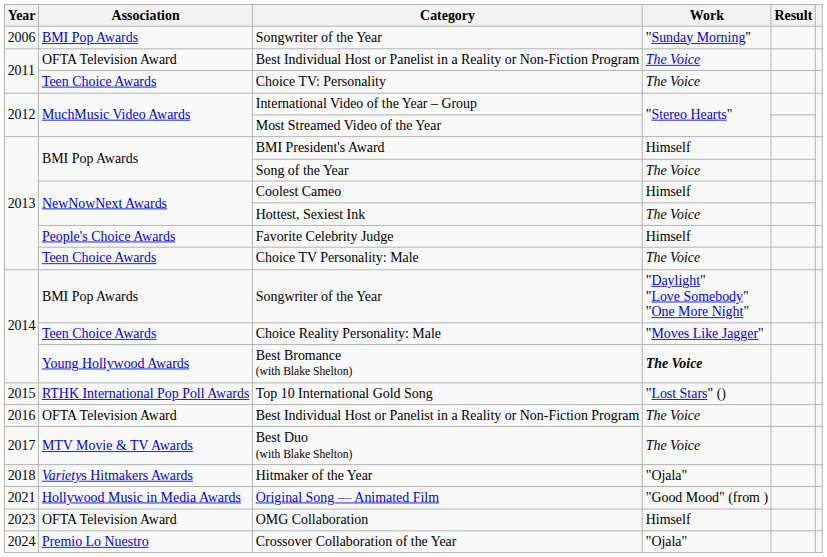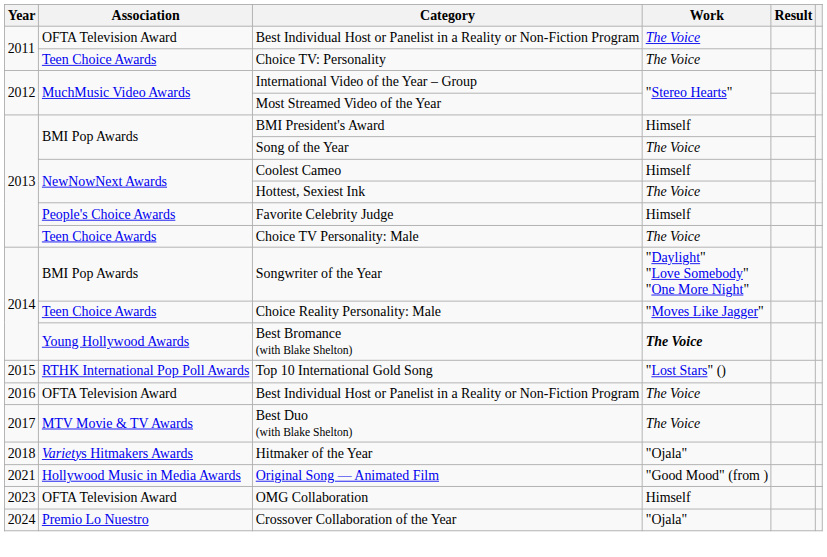 <table class="wikitable sortable">
 <tr>
 <th>Year</th>
 <th>Association</th>
 <th>Category</th>
 <th>Work</th>
 <th>Result</th>
 <th class="unsortable"></th>
-</tr>
-<tr>
-<td>2006</td>
-<td><a href='#'>BMI Pop Awards</a></td>
-<td>Songwriter of the Year</td>
-<td>"<a href='#'>Sunday Morning</a>"</td>
-<td></td>
-<td style="text-align:center;"></td>
 </tr>
 <tr>
 <td rowspan="2">2011</td>
 <td>OFTA Television Award</td>
 <td>Best Individual Host or Panelist in a Reality or Non-Fiction Program <br> </td>
 <td><em><a href='#'>The Voice</a></em></td>
 <td></td>
 <td style="text-align:center;"></td>
 </tr>
 <tr>
 <td><a href='#'>Teen Choice Awards</a></td>
 <td>Choice TV: Personality</td>
 <td><em>The Voice</em></td>
 <td></td>
 <td style="text-align:center;"></td>
 </tr>
 <tr>
 <td rowspan="2">2012</td>
 <td rowspan="2"><a href='#'>MuchMusic Video Awards</a></td>
 <td>International Video of the Year – Group</td>
 <td rowspan="2">"<a href='#'>Stereo Hearts</a>" </td>
 <td></td>
 <td style="text-align:center;" rowspan="2'"></td>
 </tr>
 <tr>
 <td>Most Streamed Video of the Year</td>
 <td></td>
 </tr>
 <tr>
 <td rowspan="6">2013</td>
 <td rowspan="2">BMI Pop Awards</td>
 <td>BMI President's Award</td>
 <td>Himself</td>
 <td></td>
 <td style="text-align:center;" rowspan="2"></td>
 </tr>
 <tr>
 <td>Song of the Year <br> </td>
 <td><em>The Voice</em></td>
 <td></td>
 </tr>
 <tr>
 <td rowspan="2"><a href='#'>NewNowNext Awards</a></td>
 <td>Coolest Cameo</td>
 <td>Himself</td>
 <td></td>
 <td style="text-align:center;" rowspan="2"><br></td>
 </tr>
 <tr>
 <td>Hottest, Sexiest Ink</td>
 <td><em>The Voice</em></td>
 <td></td>
 </tr>
 <tr>
 <td><a href='#'>People's Choice Awards</a></td>
 <td>Favorite Celebrity Judge</td>
 <td>Himself</td>
 <td></td>
 <td style="text-align:center;"></td>
 </tr>
 <tr>
 <td><a href='#'>Teen Choice Awards</a></td>
 <td>Choice TV Personality: Male</td>
 <td><em>The Voice</em></td>
 <td></td>
 <td style="text-align:center;"></td>
 </tr>
 <tr>
 <td rowspan="3">2014</td>
 <td>BMI Pop Awards</td>
 <td>Songwriter of the Year</td>
 <td>"<a href='#'>Daylight</a>"<br>"<a href='#'>Love Somebody</a>"<br>"<a href='#'>One More Night</a>"</td>
 <td></td>
 <td style="text-align:center;"></td>
 </tr>
 <tr>
 <td><a href='#'>Teen Choice Awards</a></td>
 <td>Choice Reality Personality: Male</td>
 <td>"<a href='#'>Moves Like Jagger</a>"</td>
 <td></td>
 <td style="text-align:center;"></td>
 </tr>
 <tr>
 <td><a href='#'>Young Hollywood Awards</a></td>
 <td>Best Bromance <br><small>(with Blake Shelton) </small></td>
 <td><strong><em>The Voice</em></strong></td>
 <td></td>
 <td style="text-align:center;"></td>
 </tr>
 <tr>
 <td>2015</td>
 <td><a href='#'>RTHK International Pop Poll Awards</a></td>
 <td>Top 10 International Gold Song</td>
 <td>"<a href='#'>Lost Stars</a>" ()</td>
 <td></td>
 <td style="text-align:center;"></td>
 </tr>
 <tr>
 <td>2016</td>
 <td>OFTA Television Award</td>
 <td>Best Individual Host or Panelist in a Reality or Non-Fiction Program</td>
 <td><em>The Voice</em></td>
 <td></td>
 <td style="text-align:center;"></td>
 </tr>
 <tr>
 <td>2017</td>
 <td><a href='#'>MTV Movie & TV Awards</a></td>
 <td>Best Duo <br><small>(with Blake Shelton) </small></td>
 <td><em>The Voice</em></td>
 <td></td>
 <td style="text-align:center;"></td>
 </tr>
 <tr>
 <td>2018</td>
 <td><a href='#'><em>Variety</em>s Hitmakers Awards</a></td>
 <td>Hitmaker of the Year</td>
 <td>"Ojala" </td>
 <td></td>
 <td style="text-align:center;"></td>
 </tr>
 <tr>
 <td>2021</td>
 <td><a href='#'>Hollywood Music in Media Awards</a></td>
 <td><a href='#'>Original Song — Animated Film</a> <br> </td>
 <td>"Good Mood" (from )</td>
 <td></td>
 <td style="text-align:center;"></td>
 </tr>
 <tr>
 <td>2023</td>
 <td>OFTA Television Award</td>
 <td>OMG Collaboration</td>
 <td>Himself</td>
 <td></td>
 <td style="text-align:center;"><br></td>
 </tr>
 <tr>
 <td>2024</td>
 <td><a href='#'>Premio Lo Nuestro</a></td>
 <td>Crossover Collaboration of the Year</td>
 <td>"Ojala" </td>
 <td></td>
 <td style="text-align:center;"></td>
 </tr>
 </table>
